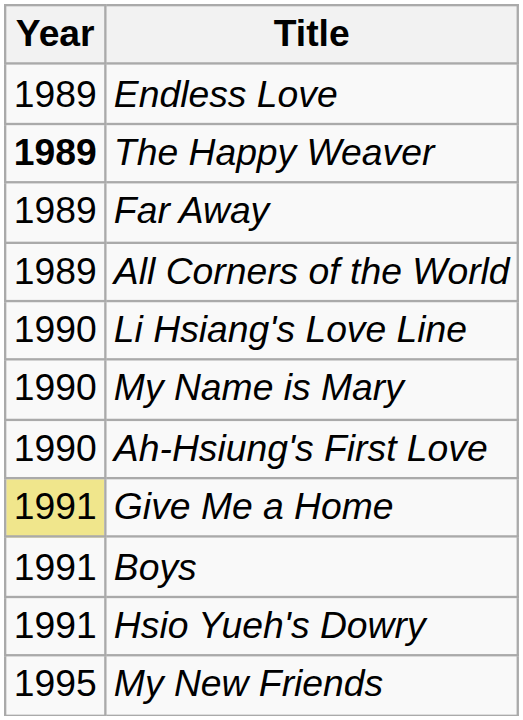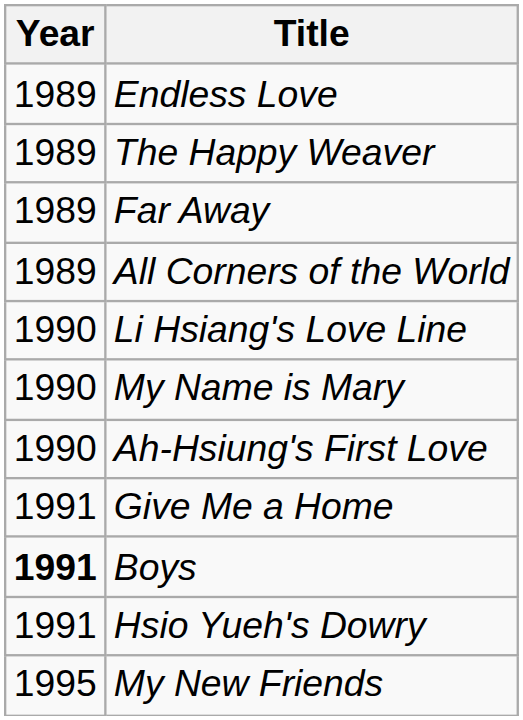 <table class="wikitable">
 <tr>
 <th>Year</th>
 <th>Title</th>
 </tr>
 <tr>
 <td>1989</td>
 <td><em>Endless Love</em></td>
 </tr>
 <tr>
-<td><strong>1989</strong></td>
+<td>1989</td>
 <td><em>The Happy Weaver</em></td>
 </tr>
 <tr>
 <td>1989</td>
 <td><em>Far Away</em></td>
 </tr>
 <tr>
 <td>1989</td>
 <td><em>All Corners of the World</em></td>
 </tr>
 <tr>
 <td>1990</td>
 <td><em>Li Hsiang's Love Line</em></td>
 </tr>
 <tr>
 <td>1990</td>
 <td><em>My Name is Mary</em></td>
 </tr>
 <tr>
 <td>1990</td>
 <td><em>Ah-Hsiung's First Love</em></td>
 </tr>
 <tr>
-<td style="background: khaki;">1991</td>
+<td>1991</td>
 <td><em>Give Me a Home</em></td>
 </tr>
 <tr>
-<td>1991</td>
+<td><strong>1991</strong></td>
 <td><em>Boys</em></td>
 </tr>
 <tr>
 <td>1991</td>
 <td><em>Hsio Yueh's Dowry</em></td>
 </tr>
 <tr>
 <td>1995</td>
 <td><em>My New Friends</em></td>
 </tr>
 </table>
